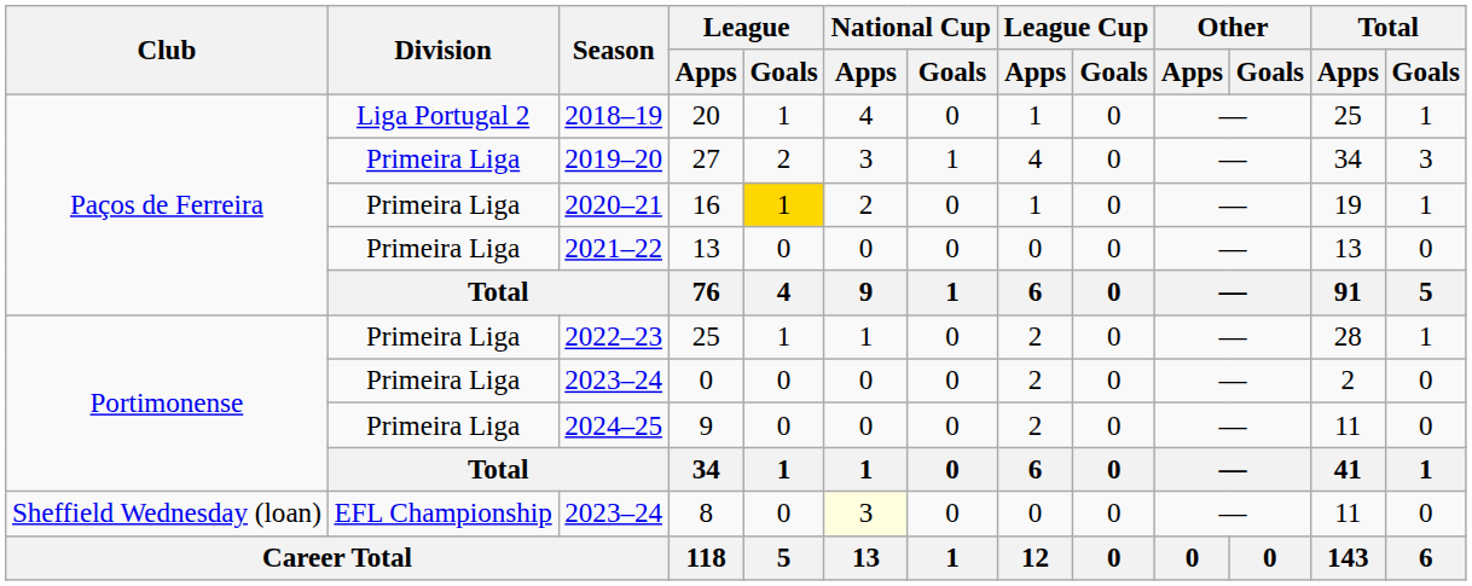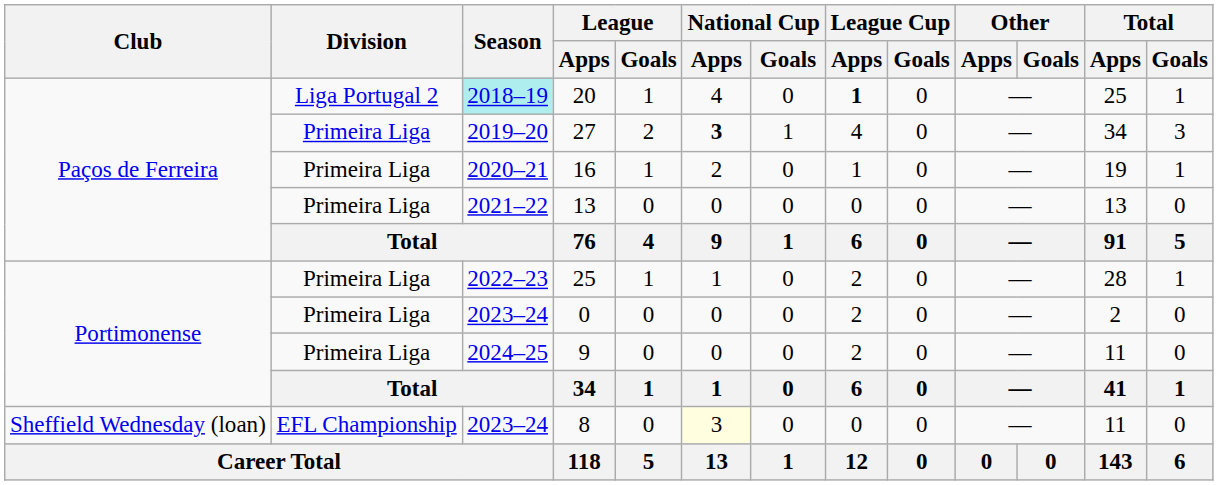 <table class="wikitable" style="text-align: center;">
 <tr>
 <th rowspan="2">Club</th>
 <th rowspan="2">Division</th>
 <th rowspan="2">Season</th>
 <th colspan="2">League</th>
 <th colspan="2">National Cup</th>
 <th colspan="2">League Cup</th>
 <th colspan="2">Other</th>
 <th colspan="2">Total</th>
 </tr>
 <tr>
 <th>Apps</th>
 <th>Goals</th>
 <th>Apps</th>
 <th>Goals</th>
 <th>Apps</th>
 <th>Goals</th>
 <th>Apps</th>
 <th>Goals</th>
 <th>Apps</th>
 <th>Goals</th>
 </tr>
 <tr>
 <td rowspan="5"><a href='#'>Paços de Ferreira</a></td>
 <td><a href='#'>Liga Portugal 2</a></td>
-<td><a href='#'>2018–19</a></td>
+<td style="background: paleturquoise;"><a href='#'>2018–19</a></td>
 <td>20</td>
 <td>1</td>
 <td>4</td>
 <td>0</td>
-<td>1</td>
+<td><strong>1</strong></td>
 <td>0</td>
 <td colspan="2">—</td>
 <td>25</td>
 <td>1</td>
 </tr>
 <tr>
 <td><a href='#'>Primeira Liga</a></td>
 <td><a href='#'>2019–20</a></td>
 <td>27</td>
 <td>2</td>
-<td>3</td>
+<td><strong>3</strong></td>
 <td>1</td>
 <td>4</td>
 <td>0</td>
 <td colspan="2">—</td>
 <td>34</td>
 <td>3</td>
 </tr>
 <tr>
 <td>Primeira Liga</td>
 <td><a href='#'>2020–21</a></td>
 <td>16</td>
-<td style="background: gold;">1</td>
+<td>1</td>
 <td>2</td>
 <td>0</td>
 <td>1</td>
 <td>0</td>
 <td colspan="2">—</td>
 <td>19</td>
 <td>1</td>
 </tr>
 <tr>
 <td>Primeira Liga</td>
 <td><a href='#'>2021–22</a></td>
 <td>13</td>
 <td>0</td>
 <td>0</td>
 <td>0</td>
 <td>0</td>
 <td>0</td>
 <td colspan="2">—</td>
 <td>13</td>
 <td>0</td>
 </tr>
 <tr>
 <th colspan="2">Total</th>
 <th>76</th>
 <th>4</th>
 <th>9</th>
 <th>1</th>
 <th>6</th>
 <th>0</th>
 <th colspan="2">—</th>
 <th>91</th>
 <th>5</th>
 </tr>
 <tr>
 <td rowspan="4"><a href='#'>Portimonense</a></td>
 <td>Primeira Liga</td>
 <td><a href='#'>2022–23</a></td>
 <td>25</td>
 <td>1</td>
 <td>1</td>
 <td>0</td>
 <td>2</td>
 <td>0</td>
 <td colspan="2">—</td>
 <td>28</td>
 <td>1</td>
 </tr>
 <tr>
 <td>Primeira Liga</td>
 <td><a href='#'>2023–24</a></td>
 <td>0</td>
 <td>0</td>
 <td>0</td>
 <td>0</td>
 <td>2</td>
 <td>0</td>
 <td colspan="2">—</td>
 <td>2</td>
 <td>0</td>
 </tr>
 <tr>
 <td>Primeira Liga</td>
 <td><a href='#'>2024–25</a></td>
 <td>9</td>
 <td>0</td>
 <td>0</td>
 <td>0</td>
 <td>2</td>
 <td>0</td>
 <td colspan="2">—</td>
 <td>11</td>
 <td>0</td>
 </tr>
 <tr>
 <th colspan="2">Total</th>
 <th>34</th>
 <th>1</th>
 <th>1</th>
 <th>0</th>
 <th>6</th>
 <th>0</th>
 <th colspan="2">—</th>
 <th>41</th>
 <th>1</th>
 </tr>
 <tr>
 <td><a href='#'>Sheffield Wednesday</a> (loan)</td>
 <td><a href='#'>EFL Championship</a></td>
 <td><a href='#'>2023–24</a></td>
 <td>8</td>
 <td>0</td>
 <td style="background: lightyellow;">3</td>
 <td>0</td>
 <td>0</td>
 <td>0</td>
 <td colspan="2">—</td>
 <td>11</td>
 <td>0</td>
 </tr>
 <tr>
 <th colspan="3">Career Total</th>
 <th>118</th>
 <th>5</th>
 <th>13</th>
 <th>1</th>
 <th>12</th>
 <th>0</th>
 <th>0</th>
 <th>0</th>
 <th>143</th>
 <th>6</th>
 </tr>
 </table>
